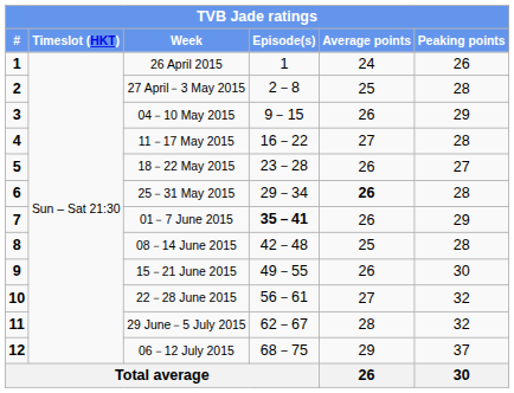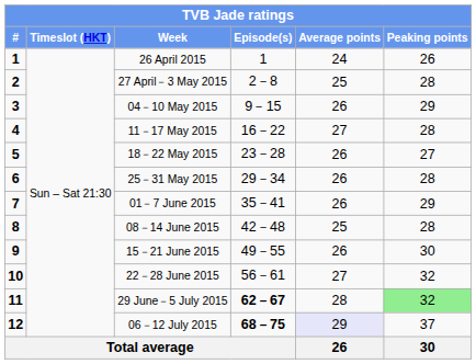 <table class="wikitable" style="text-align: center">
 <tr>
 <th style="background:cornflowerblue; color:white" align="center" colspan="6"> <strong>TVB Jade ratings</strong></th>
 </tr>
 <tr>
 <th style="background:cornflowerblue; color:white" align="center"><small>#</small></th>
 <th style="background:cornflowerblue; color:white" align="center"><small>Timeslot (<a href='#'>HKT</a>)</small></th>
 <th style="background:cornflowerblue; color:white" align="center"><small>Week</small></th>
 <th style="background:cornflowerblue; color:white" align="center"><small>Episode(s)</small></th>
 <th style="background:cornflowerblue; color:white" align="center"><small>Average points</small></th>
 <th style="background:cornflowerblue; color:white" align="center"><small>Peaking points</small></th>
 </tr>
 <tr>
 <td><strong>1</strong></td>
 <td rowspan="12"><small>Sun – Sat 21:30</small></td>
 <td><small>26 April 2015</small></td>
 <td>1</td>
 <td>24</td>
 <td>26</td>
 </tr>
 <tr>
 <td><strong>2</strong></td>
 <td><small>27 April－3 May 2015</small></td>
 <td>2－8</td>
 <td>25</td>
 <td>28</td>
 </tr>
 <tr>
 <td><strong>3</strong></td>
 <td><small>04－10 May 2015</small></td>
 <td>9－15</td>
 <td>26</td>
 <td>29</td>
 </tr>
 <tr>
 <td><strong>4</strong></td>
 <td><small>11－17 May 2015</small></td>
 <td>16－22</td>
 <td>27</td>
 <td>28</td>
 </tr>
 <tr>
 <td><strong>5</strong></td>
 <td><small>18－22 May 2015</small></td>
 <td>23－28</td>
 <td>26</td>
 <td>27</td>
 </tr>
 <tr>
 <td><strong>6</strong></td>
 <td><small>25－31 May 2015</small></td>
 <td>29－34</td>
-<td><strong>26</strong></td>
+<td>26</td>
 <td>28</td>
 </tr>
 <tr>
 <td><strong>7</strong></td>
 <td><small>01－7 June 2015</small></td>
-<td><strong>35－41</strong></td>
+<td>35－41</td>
 <td>26</td>
 <td>29</td>
 </tr>
 <tr>
 <td><strong>8</strong></td>
 <td><small>08－14 June 2015</small></td>
 <td>42－48</td>
 <td>25</td>
 <td>28</td>
 </tr>
 <tr>
 <td><strong>9</strong></td>
 <td><small>15－21 June 2015</small></td>
 <td>49－55</td>
 <td>26</td>
 <td>30</td>
 </tr>
 <tr>
 <td><strong>10</strong></td>
 <td><small>22－28 June 2015</small></td>
 <td>56－61</td>
 <td>27</td>
 <td>32</td>
 </tr>
 <tr>
 <td><strong>11</strong></td>
 <td><small>29 June－5 July 2015</small></td>
-<td>62－67</td>
+<td><strong>62－67</strong></td>
 <td>28</td>
-<td>32</td>
+<td style="background: lightgreen;">32</td>
 </tr>
 <tr>
 <td><strong>12</strong></td>
 <td><small>06－12 July 2015</small></td>
-<td>68－75</td>
-<td>29</td>
+<td><strong>68－75</strong></td>
+<td style="background: lavender;">29</td>
 <td>37</td>
 </tr>
 <tr>
 <th colspan="4"><strong>Total average</strong></th>
 <th>26</th>
 <th>30</th>
 </tr>
 </table>
